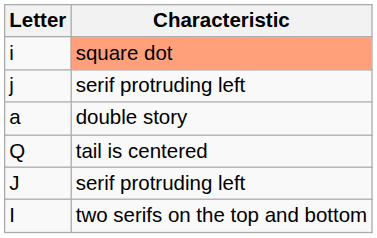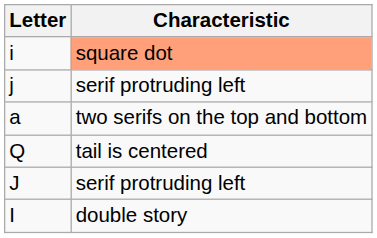 <table class="wikitable">
 <tr>
 <th>Letter</th>
 <th>Characteristic</th>
 </tr>
 <tr>
 <td style="font-family: 'Verdana', sans-serif">i</td>
 <td style="background: lightsalmon;">square dot</td>
 </tr>
 <tr>
 <td style="font-family: 'Verdana', sans-serif">j</td>
 <td>serif protruding left</td>
 </tr>
 <tr>
 <td style="font-family: 'Verdana', sans-serif">a</td>
-<td>double story</td>
+<td>two serifs on the top and bottom</td>
 </tr>
 <tr>
 <td style="font-family: 'Verdana', sans-serif">Q</td>
 <td>tail is centered</td>
 </tr>
 <tr>
 <td style="font-family: 'Verdana', sans-serif">J</td>
 <td>serif protruding left</td>
 </tr>
 <tr>
 <td style="font-family: 'Verdana', sans-serif">I</td>
-<td>two serifs on the top and bottom</td>
+<td>double story</td>
 </tr>
 </table>
